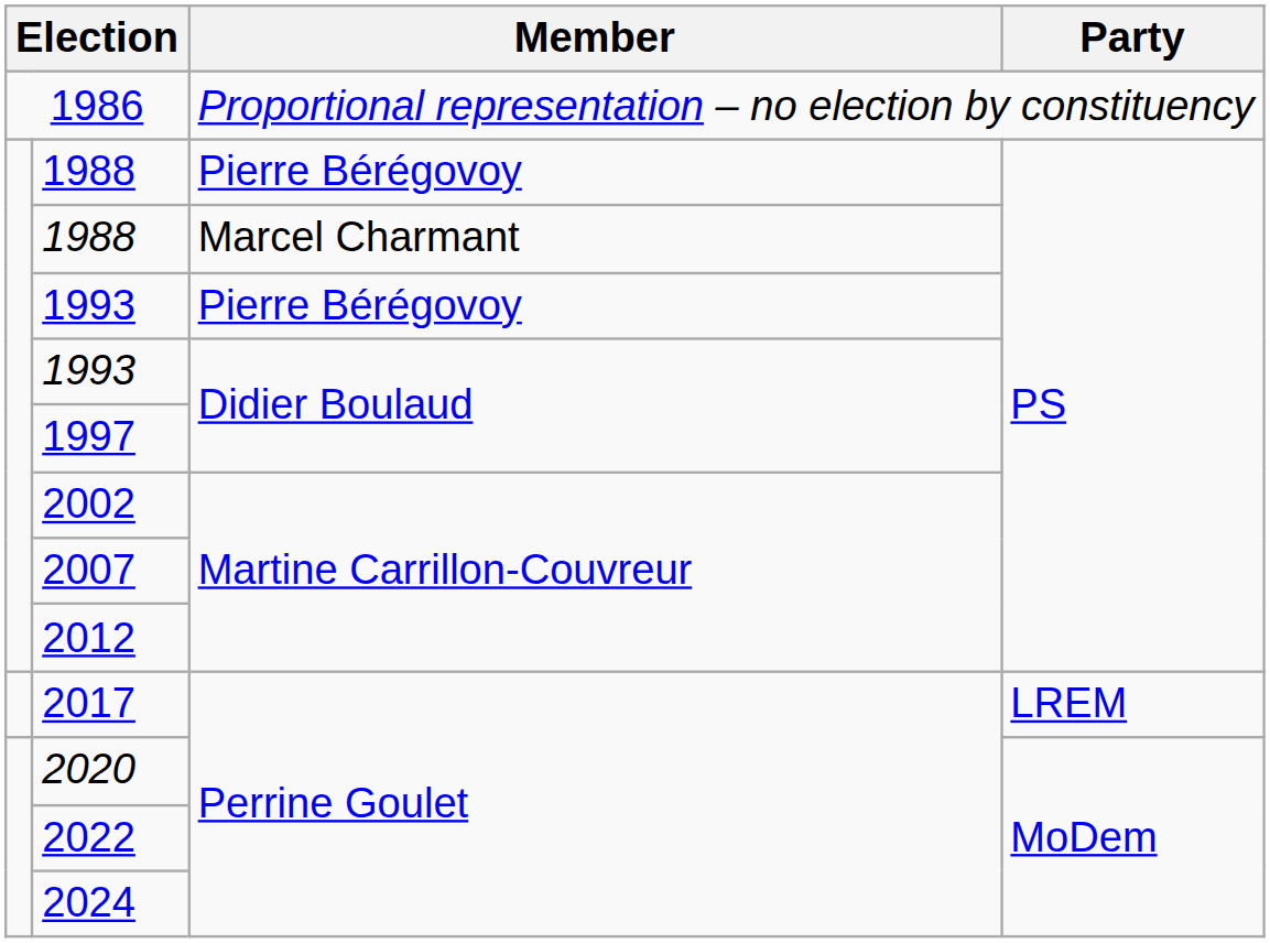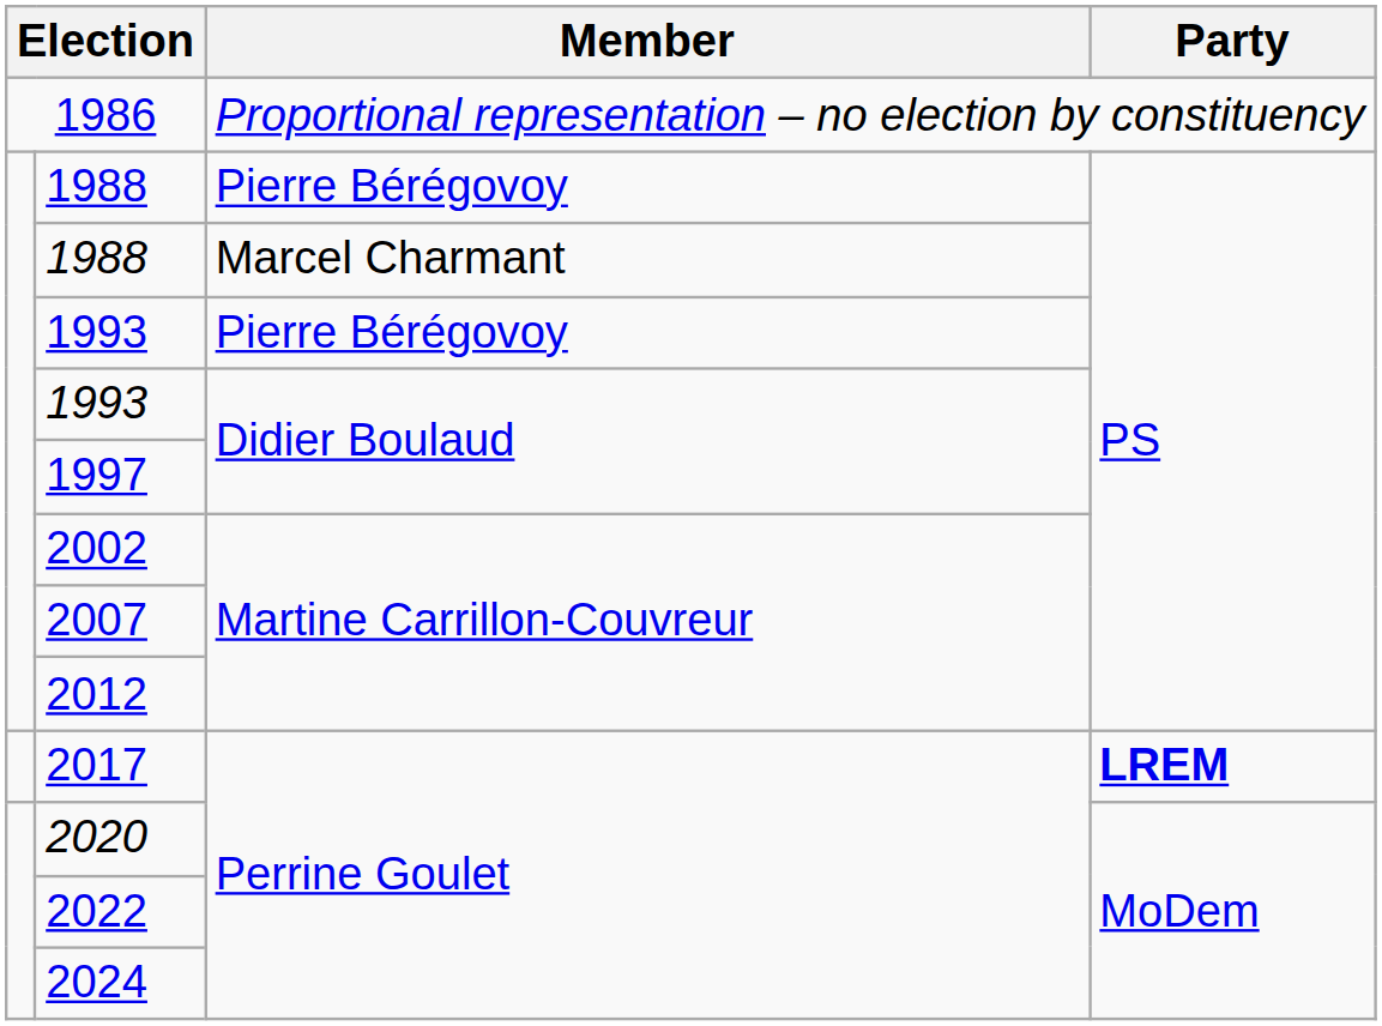 <table class="wikitable">
 <tr>
 <th colspan="2">Election</th>
 <th>Member</th>
 <th>Party</th>
 </tr>
 <tr>
 <td colspan="2" align="center"><a href='#'>1986</a></td>
 <td colspan="2"><em><a href='#'>Proportional representation</a> – no election by constituency</em></td>
 </tr>
 <tr>
 <td rowspan="8" style="color:inherit;background-color: "></td>
 <td><a href='#'>1988</a></td>
 <td><a href='#'>Pierre Bérégovoy</a></td>
 <td rowspan="8"><a href='#'>PS</a></td>
 </tr>
 <tr>
 <td><em>1988</em></td>
 <td>Marcel Charmant</td>
 </tr>
 <tr>
 <td><a href='#'>1993</a></td>
 <td><a href='#'>Pierre Bérégovoy</a></td>
 </tr>
 <tr>
 <td><em>1993</em></td>
 <td rowspan="2"><a href='#'>Didier Boulaud</a></td>
 </tr>
 <tr>
 <td><a href='#'>1997</a></td>
 </tr>
 <tr>
 <td><a href='#'>2002</a></td>
 <td rowspan="3"><a href='#'>Martine Carrillon-Couvreur</a></td>
 </tr>
 <tr>
 <td><a href='#'>2007</a></td>
 </tr>
 <tr>
 <td><a href='#'>2012</a></td>
 </tr>
 <tr>
 <td style="color:inherit;background-color: "></td>
 <td><a href='#'>2017</a></td>
 <td rowspan="4"><a href='#'>Perrine Goulet</a></td>
-<td><a href='#'>LREM</a></td>
+<td><strong><a href='#'>LREM</a></strong></td>
 </tr>
 <tr>
 <td rowspan="3" style="color:inherit;background-color: "></td>
 <td><em>2020</em></td>
 <td rowspan="3"><a href='#'>MoDem</a></td>
 </tr>
 <tr>
 <td><a href='#'>2022</a></td>
 </tr>
 <tr>
 <td><a href='#'>2024</a></td>
 </tr>
 </table>
